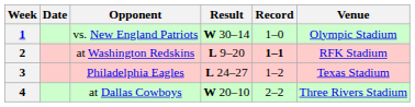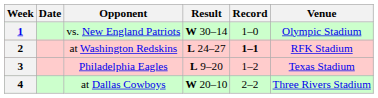 <table class="wikitable" style="text-align:center">
 <tr>
 <th>Week</th>
 <th>Date</th>
 <th>Opponent</th>
 <th>Result</th>
 <th>Record</th>
 <th>Venue</th>
 </tr>
 <tr style="background:#cfc">
 <th><a href='#'>1</a></th>
 <td></td>
 <td>vs. <a href='#'>New England Patriots</a></td>
 <td><strong>W</strong> 30–14</td>
 <td>1–0</td>
 <td><a href='#'>Olympic Stadium</a></td>
 </tr>
 <tr style="background:#fcc">
 <th>2</th>
 <td></td>
 <td>at <a href='#'>Washington Redskins</a></td>
-<td><strong>L</strong> 9–20</td>
+<td><strong>L</strong> 24–27</td>
 <td><strong>1–1</strong></td>
 <td><a href='#'>RFK Stadium</a></td>
 </tr>
 <tr style="background:#fcc">
 <th>3</th>
 <td></td>
 <td><a href='#'>Philadelphia Eagles</a></td>
-<td><strong>L</strong> 24–27</td>
+<td><strong>L</strong> 9–20</td>
 <td>1–2</td>
 <td><a href='#'>Texas Stadium</a></td>
 </tr>
 <tr style="background:#cfc">
 <th>4</th>
 <td></td>
 <td>at <a href='#'>Dallas Cowboys</a></td>
 <td><strong>W</strong> 20–10</td>
 <td>2–2</td>
 <td><a href='#'>Three Rivers Stadium</a></td>
 </tr>
 </table>
